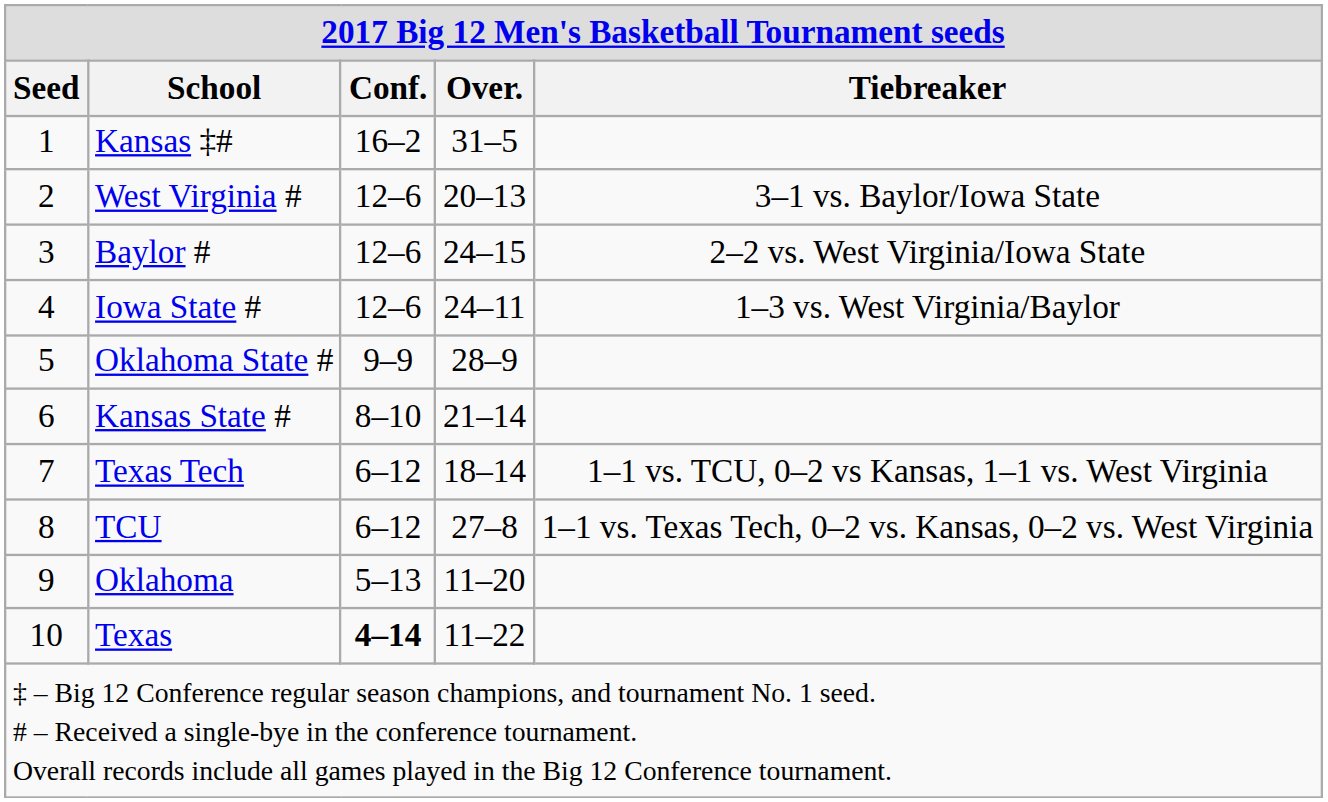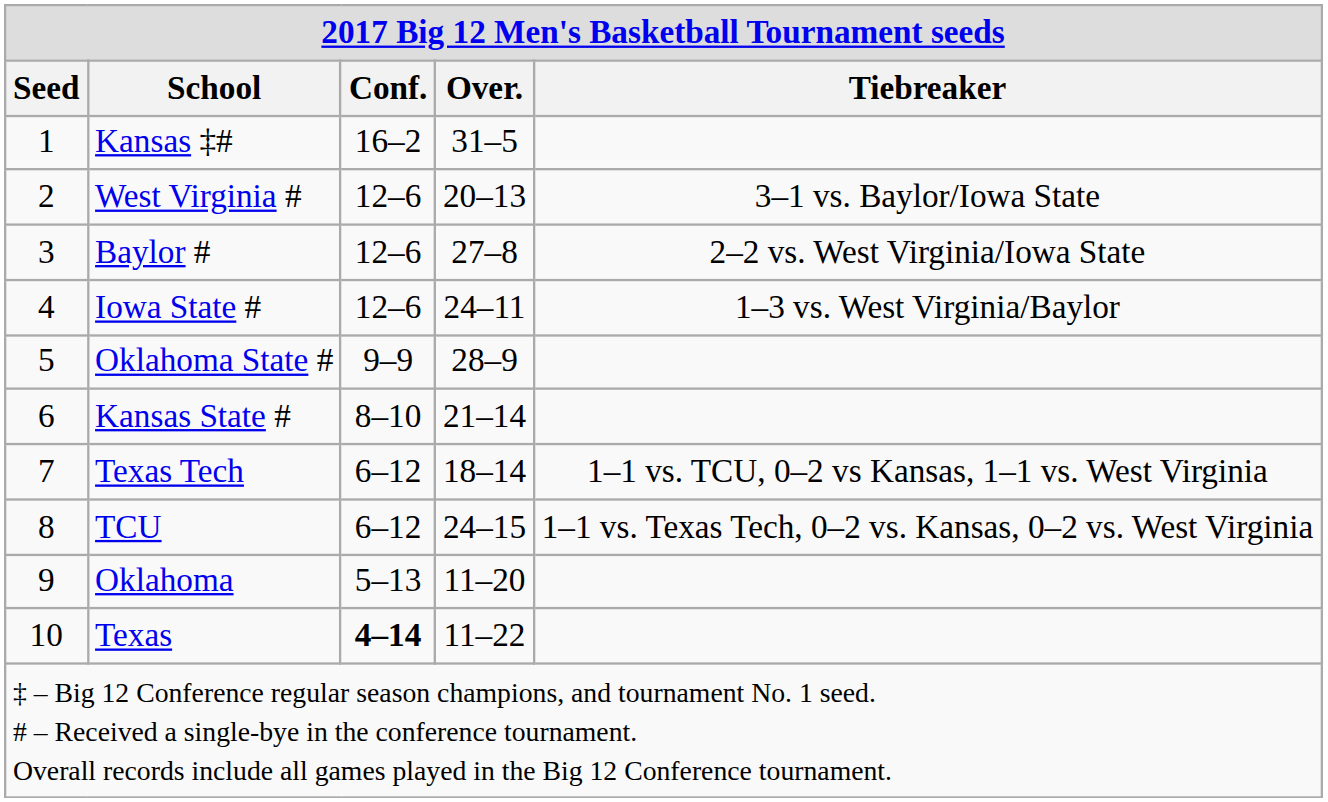 <table class="wikitable" style="white-space:nowrap; font-size:90%;text-align:center">
 <tr>
 <td colspan="10" style="text-align:center; background:#DDDDDD; font:#000000"><strong><a href='#'>2017 Big 12 Men's Basketball Tournament seeds</a></strong></td>
 </tr>
 <tr bgcolor="#efefef">
 <th>Seed</th>
 <th>School</th>
 <th>Conf.</th>
 <th>Over.</th>
 <th>Tiebreaker</th>
 </tr>
 <tr>
 <td>1</td>
 <td align=left><a href='#'>Kansas</a> ‡#</td>
 <td>16–2</td>
 <td>31–5</td>
 <td></td>
 </tr>
 <tr>
 <td>2</td>
 <td align=left><a href='#'>West Virginia</a> #</td>
 <td>12–6</td>
 <td>20–13</td>
 <td>3–1 vs. Baylor/Iowa State</td>
 </tr>
 <tr>
 <td>3</td>
 <td align=left><a href='#'>Baylor</a> #</td>
 <td>12–6</td>
-<td>24–15</td>
+<td>27–8</td>
 <td>2–2 vs. West Virginia/Iowa State</td>
 </tr>
 <tr>
 <td>4</td>
 <td align=left><a href='#'>Iowa State</a> #</td>
 <td>12–6</td>
 <td>24–11</td>
 <td>1–3 vs. West Virginia/Baylor</td>
 </tr>
 <tr>
 <td>5</td>
 <td align=left><a href='#'>Oklahoma State</a> #</td>
 <td>9–9</td>
 <td>28–9</td>
 <td></td>
 </tr>
 <tr>
 <td>6</td>
 <td align=left><a href='#'>Kansas State</a> #</td>
 <td>8–10</td>
 <td>21–14</td>
 <td></td>
 </tr>
 <tr>
 <td>7</td>
 <td align=left><a href='#'>Texas Tech</a></td>
 <td>6–12</td>
 <td>18–14</td>
 <td>1–1 vs. TCU, 0–2 vs Kansas, 1–1 vs. West Virginia</td>
 </tr>
 <tr>
 <td>8</td>
 <td align=left><a href='#'>TCU</a></td>
 <td>6–12</td>
-<td>27–8</td>
+<td>24–15</td>
 <td>1–1 vs. Texas Tech, 0–2 vs. Kansas, 0–2 vs. West Virginia</td>
 </tr>
 <tr>
 <td>9</td>
 <td align=left><a href='#'>Oklahoma</a></td>
 <td>5–13</td>
 <td>11–20</td>
 <td></td>
 </tr>
 <tr>
 <td>10</td>
 <td align=left><a href='#'>Texas</a></td>
 <td><strong>4–14</strong></td>
 <td>11–22</td>
 <td></td>
 </tr>
 <tr>
 <td colspan="10" style="text-align:left;"><small>‡ – Big 12 Conference regular season champions, and tournament No. 1 seed.<br># – Received a single-bye in the conference tournament.<br>Overall records include all games played in the Big 12 Conference tournament.</small></td>
 </tr>
 </table>
